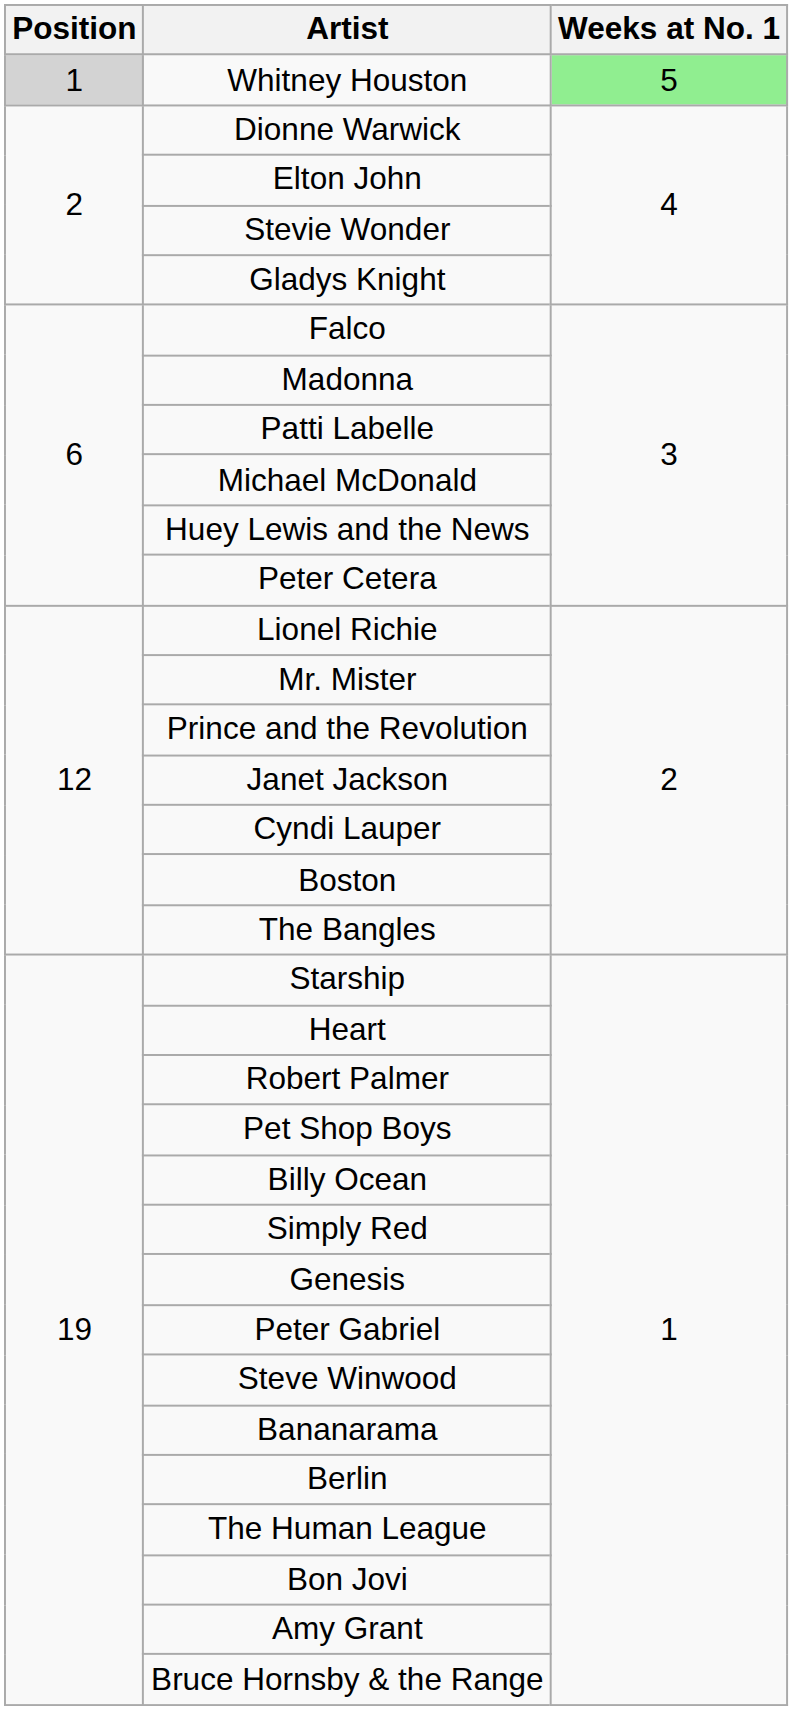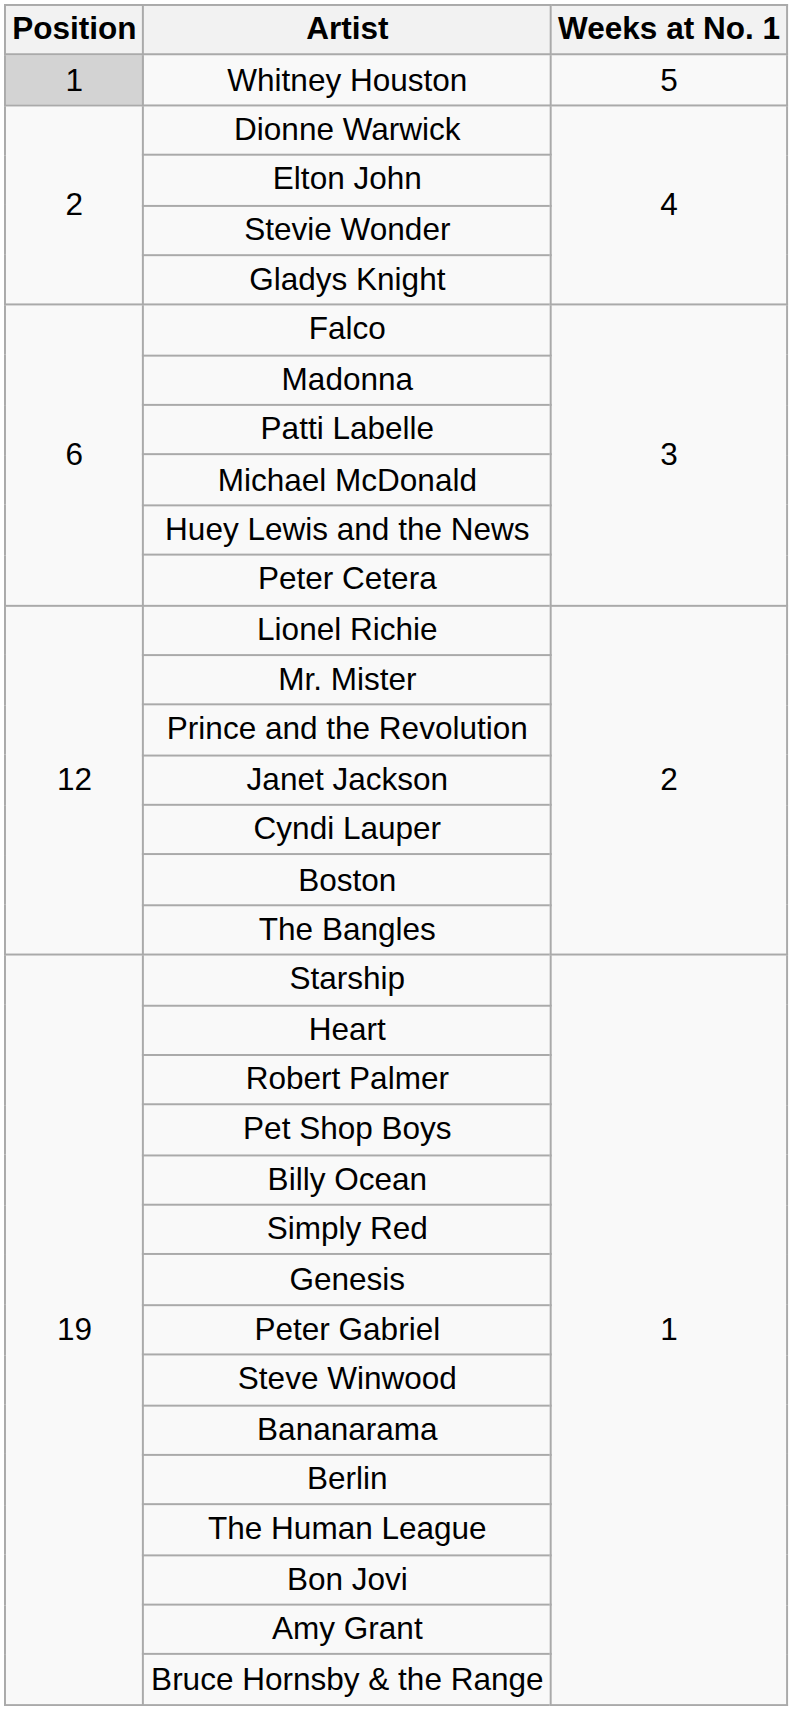 <table class="wikitable plainrowheaders" style="text-align:center;">
 <tr>
 <th>Position</th>
 <th>Artist</th>
 <th>Weeks at No. 1</th>
 </tr>
 <tr>
 <td style="background: lightgrey;">1</td>
 <td>Whitney Houston</td>
-<td style="background: lightgreen;">5</td>
+<td>5</td>
 </tr>
 <tr>
 <td rowspan=4>2</td>
 <td>Dionne Warwick</td>
 <td rowspan=4>4</td>
 </tr>
 <tr>
 <td>Elton John</td>
 </tr>
 <tr>
 <td>Stevie Wonder</td>
 </tr>
 <tr>
 <td>Gladys Knight</td>
 </tr>
 <tr>
 <td rowspan=6>6</td>
 <td>Falco</td>
 <td rowspan=6>3</td>
 </tr>
 <tr>
 <td>Madonna</td>
 </tr>
 <tr>
 <td>Patti Labelle</td>
 </tr>
 <tr>
 <td>Michael McDonald</td>
 </tr>
 <tr>
 <td>Huey Lewis and the News</td>
 </tr>
 <tr>
 <td>Peter Cetera</td>
 </tr>
 <tr>
 <td rowspan=7>12</td>
 <td>Lionel Richie</td>
 <td rowspan=7>2</td>
 </tr>
 <tr>
 <td>Mr. Mister</td>
 </tr>
 <tr>
 <td>Prince and the Revolution</td>
 </tr>
 <tr>
 <td>Janet Jackson</td>
 </tr>
 <tr>
 <td>Cyndi Lauper</td>
 </tr>
 <tr>
 <td>Boston</td>
 </tr>
 <tr>
 <td>The Bangles</td>
 </tr>
 <tr>
 <td rowspan=15>19</td>
 <td>Starship</td>
 <td rowspan=15>1</td>
 </tr>
 <tr>
 <td>Heart</td>
 </tr>
 <tr>
 <td>Robert Palmer</td>
 </tr>
 <tr>
 <td>Pet Shop Boys</td>
 </tr>
 <tr>
 <td>Billy Ocean</td>
 </tr>
 <tr>
 <td>Simply Red</td>
 </tr>
 <tr>
 <td>Genesis</td>
 </tr>
 <tr>
 <td>Peter Gabriel</td>
 </tr>
 <tr>
 <td>Steve Winwood</td>
 </tr>
 <tr>
 <td>Bananarama</td>
 </tr>
 <tr>
 <td>Berlin</td>
 </tr>
 <tr>
 <td>The Human League</td>
 </tr>
 <tr>
 <td>Bon Jovi</td>
 </tr>
 <tr>
 <td>Amy Grant</td>
 </tr>
 <tr>
 <td>Bruce Hornsby & the Range</td>
 </tr>
 </table>
